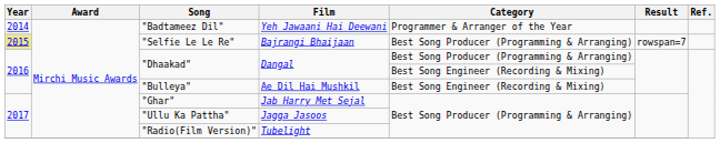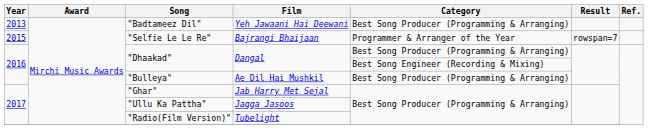 <table class="wikitable sortable">
 <tr>
 <th>Year</th>
 <th>Award</th>
 <th>Song</th>
 <th>Film</th>
 <th>Category</th>
 <th>Result</th>
 <th>Ref.</th>
 </tr>
 <tr>
-<td><a href='#'>2014</a></td>
+<td><a href='#'>2013</a></td>
 <td rowspan=8><a href='#'>Mirchi Music Awards</a></td>
 <td>"Badtameez Dil"</td>
 <td><em><a href='#'>Yeh Jawaani Hai Deewani</a></em></td>
-<td>Programmer & Arranger of the Year</td>
+<td>Best Song Producer (Programming & Arranging)</td>
 <td></td>
 <td></td>
 </tr>
 <tr>
-<td style="background: khaki;"><a href='#'>2015</a></td>
+<td><a href='#'>2015</a></td>
 <td>"Selfie Le Le Re"</td>
 <td><em><a href='#'>Bajrangi Bhaijaan</a></em></td>
-<td>Best Song Producer (Programming & Arranging)</td>
+<td>Programmer & Arranger of the Year</td>
 <td>rowspan=7 </td>
 <td></td>
 </tr>
 <tr>
 <td rowspan=3><a href='#'>2016</a></td>
 <td rowspan=2>"Dhaakad"</td>
 <td rowspan=2><em><a href='#'>Dangal</a></em></td>
 <td>Best Song Producer (Programming & Arranging)</td>
 <td rowspan=3></td>
 </tr>
 <tr>
 <td>Best Song Engineer (Recording & Mixing)</td>
 </tr>
 <tr>
 <td>"Bulleya"</td>
 <td><a href='#'>Ae Dil Hai Mushkil</a></td>
-<td>Best Song Engineer (Recording & Mixing)</td>
+<td>Best Song Producer (Programming & Arranging)</td>
 </tr>
 <tr>
 <td rowspan=3><a href='#'>2017</a></td>
 <td>"Ghar"</td>
 <td><em><a href='#'>Jab Harry Met Sejal</a></em></td>
 <td rowspan=3>Best Song Producer (Programming & Arranging)</td>
 <td rowspan=3></td>
 </tr>
 <tr>
 <td>"Ullu Ka Pattha"</td>
 <td><em><a href='#'>Jagga Jasoos</a></em></td>
 </tr>
 <tr>
 <td>"Radio(Film Version)"</td>
 <td><em><a href='#'>Tubelight</a></em></td>
 </tr>
 <tr>
 </tr>
 </table>
